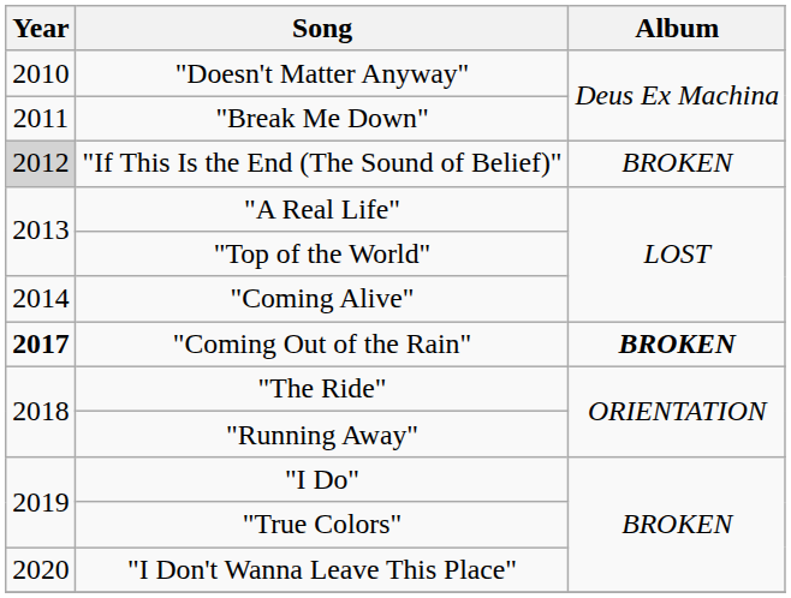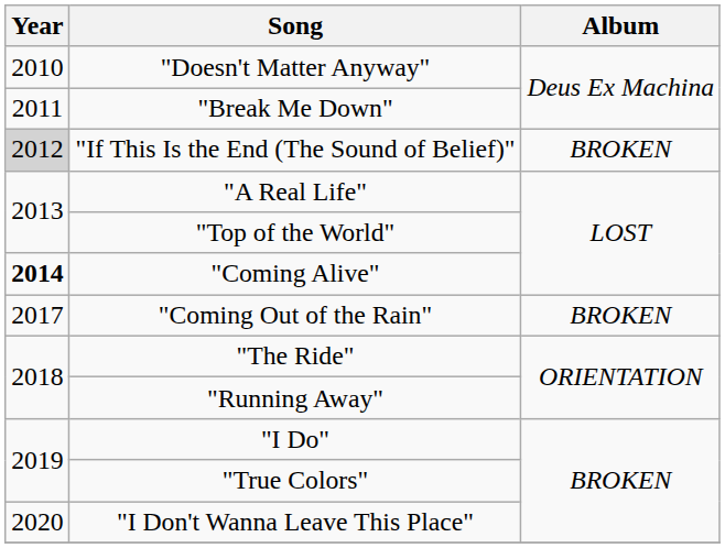 <table class="wikitable" style="text-align: center">
 <tr>
 <th rowspan="1">Year</th>
 <th rowspan="1">Song</th>
 <th rowspan="1">Album</th>
 </tr>
 <tr>
 <td>2010</td>
 <td>"Doesn't Matter Anyway"</td>
 <td rowspan="2"><em>Deus Ex Machina</em></td>
 </tr>
 <tr>
 <td>2011</td>
 <td>"Break Me Down"</td>
 </tr>
 <tr>
 <td style="background: lightgrey;">2012</td>
 <td>"If This Is the End (The Sound of Belief)"</td>
 <td><em>BROKEN</em></td>
 </tr>
 <tr>
 <td rowspan="2">2013</td>
 <td>"A Real Life"</td>
 <td rowspan="3"><em>LOST</em></td>
 </tr>
 <tr>
 <td>"Top of the World"</td>
 </tr>
 <tr>
-<td>2014</td>
+<td><strong>2014</strong></td>
 <td>"Coming Alive"</td>
 </tr>
 <tr>
-<td><strong>2017</strong></td>
+<td>2017</td>
 <td>"Coming Out of the Rain"</td>
-<td><strong><em>BROKEN</em></strong></td>
+<td><em>BROKEN</em></td>
 </tr>
 <tr>
 <td rowspan="2">2018</td>
 <td>"The Ride"</td>
 <td rowspan="2"><em>ORIENTATION</em></td>
 </tr>
 <tr>
 <td>"Running Away"</td>
 </tr>
 <tr>
 <td rowspan="2">2019</td>
 <td>"I Do"</td>
 <td rowspan="3"><em>BROKEN</em></td>
 </tr>
 <tr>
 <td>"True Colors"</td>
 </tr>
 <tr>
 <td>2020</td>
 <td>"I Don't Wanna Leave This Place"</td>
 </tr>
 <tr>
 </tr>
 </table>
